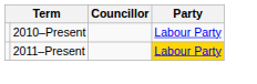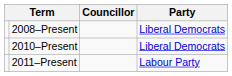 <table class="wikitable">
 <tr>
 <th colspan=2>Term</th>
 <th>Councillor</th>
 <th>Party</th>
 </tr>
 <tr>
 <td style="background-color: "></td>
+<td>2008–Present</td>
+<td></td>
+<td><a href='#'>Liberal Democrats</a></td>
+</tr>
+<tr>
+<td style="background-color: "></td>
 <td>2010–Present</td>
 <td></td>
-<td><a href='#'>Labour Party</a></td>
+<td><a href='#'>Liberal Democrats</a></td>
 </tr>
 <tr>
 <td style="background-color: "></td>
 <td>2011–Present</td>
 <td></td>
-<td style="background: gold;"><a href='#'>Labour Party</a></td>
+<td><a href='#'>Labour Party</a></td>
 </tr>
 </table>
